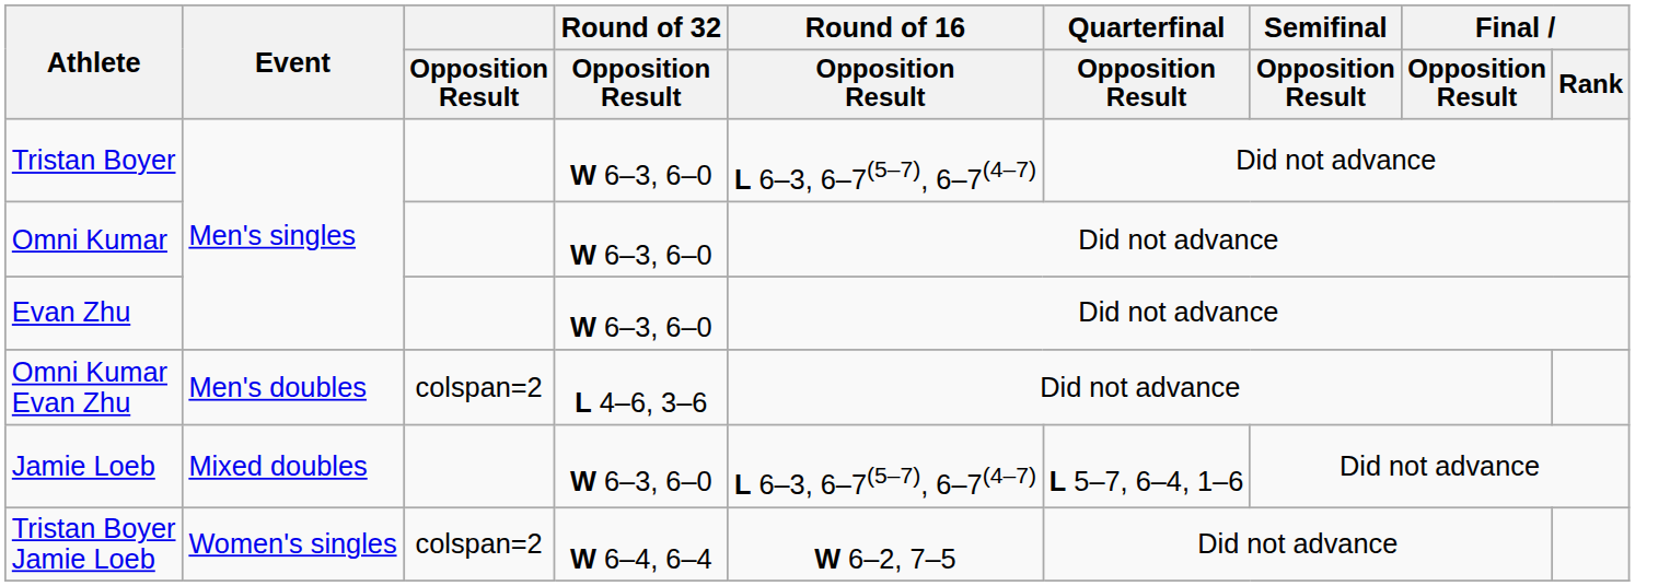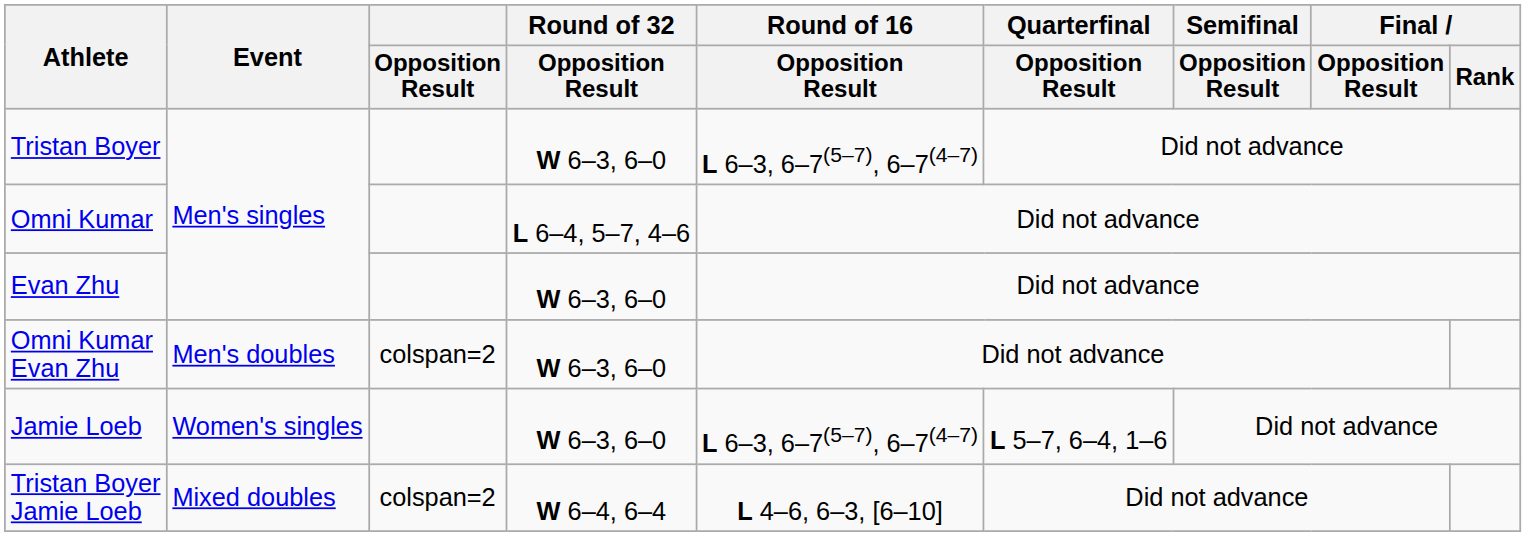 <table class=wikitable style=font-size:90%;text-align:center>
 <tr>
 <th rowspan=2>Athlete</th>
 <th rowspan=2>Event</th>
 <th></th>
 <th>Round of 32</th>
 <th>Round of 16</th>
 <th>Quarterfinal</th>
 <th>Semifinal</th>
 <th colspan=2>Final / </th>
 </tr>
 <tr style=font-size:95%>
 <th>Opposition<br>Result</th>
 <th>Opposition<br>Result</th>
 <th>Opposition<br>Result</th>
 <th>Opposition<br>Result</th>
 <th>Opposition<br>Result</th>
 <th>Opposition<br>Result</th>
 <th>Rank</th>
 </tr>
 <tr>
 <td align=left><a href='#'>Tristan Boyer</a></td>
 <td align=left rowspan=3><a href='#'>Men's singles</a></td>
 <td></td>
 <td><br><strong>W</strong> 6–3, 6–0</td>
 <td><br><strong>L</strong> 6–3, 6–7<sup>(5–7)</sup>, 6–7<sup>(4–7)</sup></td>
 <td colspan=4>Did not advance</td>
 </tr>
 <tr>
 <td align=left><a href='#'>Omni Kumar</a></td>
 <td></td>
-<td><br><strong>W</strong> 6–3, 6–0</td>
+<td><br><strong>L</strong> 6–4, 5–7, 4–6</td>
 <td colspan=5>Did not advance</td>
 </tr>
 <tr>
 <td align=left><a href='#'>Evan Zhu</a></td>
 <td></td>
 <td><br><strong>W</strong> 6–3, 6–0</td>
 <td colspan=5>Did not advance</td>
 </tr>
 <tr>
 <td align=left><a href='#'>Omni Kumar</a><br><a href='#'>Evan Zhu</a></td>
 <td align=left><a href='#'>Men's doubles</a></td>
 <td>colspan=2 </td>
-<td><br><strong>L</strong> 4–6, 3–6</td>
+<td><br><strong>W</strong> 6–3, 6–0</td>
 <td colspan=4>Did not advance</td>
 </tr>
 <tr>
 <td align=left><a href='#'>Jamie Loeb</a></td>
-<td align=left><a href='#'>Mixed doubles</a></td>
+<td align=left><a href='#'>Women's singles</a></td>
 <td></td>
 <td><br><strong>W</strong> 6–3, 6–0</td>
 <td><br><strong>L</strong> 6–3, 6–7<sup>(5–7)</sup>, 6–7<sup>(4–7)</sup></td>
 <td><br><strong>L</strong> 5–7, 6–4, 1–6</td>
 <td colspan=3>Did not advance</td>
 </tr>
 <tr>
 <td align=left><a href='#'>Tristan Boyer</a><br><a href='#'>Jamie Loeb</a></td>
-<td align=left><a href='#'>Women's singles</a></td>
+<td align=left><a href='#'>Mixed doubles</a></td>
 <td>colspan=2 </td>
 <td><br><strong>W</strong> 6–4, 6–4</td>
-<td><br><strong>W</strong> 6–2, 7–5</td>
+<td><br><strong>L</strong> 4–6, 6–3, [6–10]</td>
 <td colspan=3>Did not advance</td>
 </tr>
 </table>
